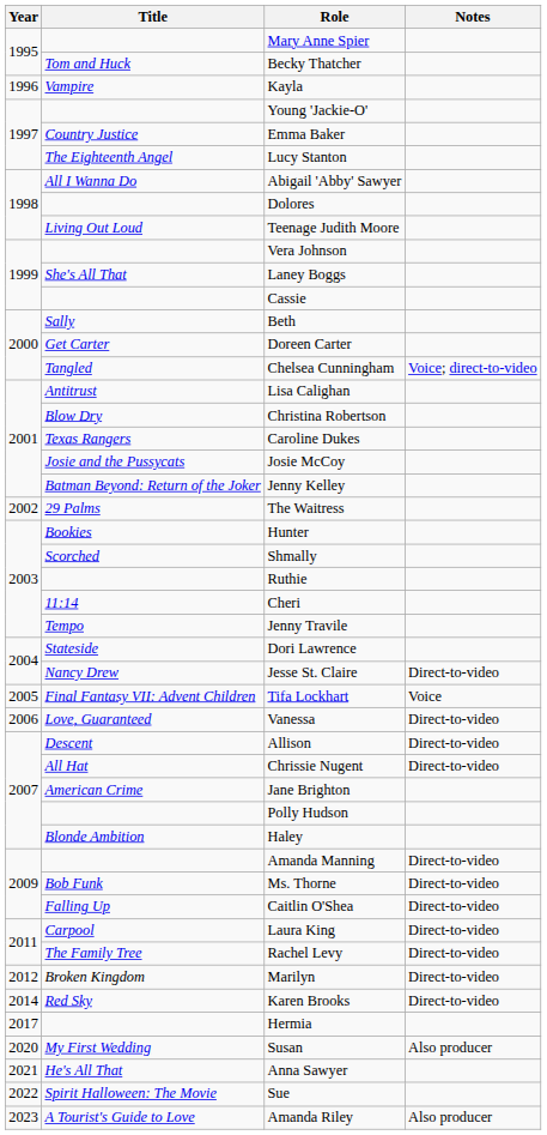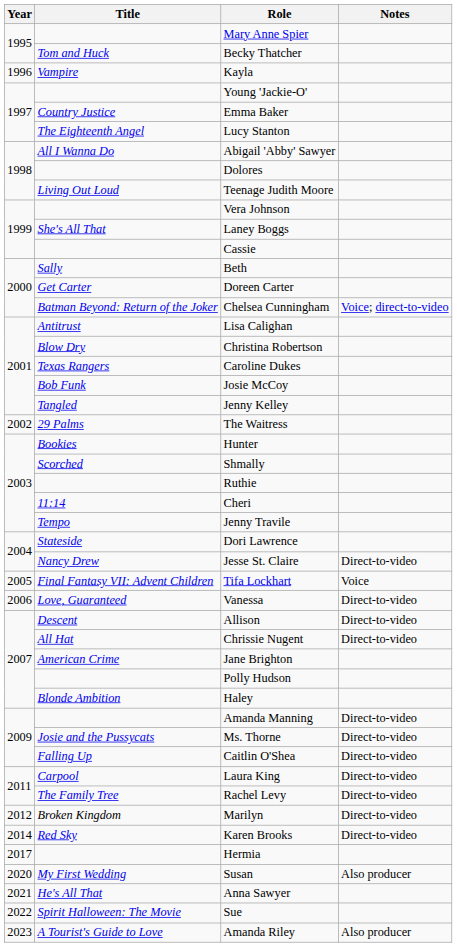 <table class="wikitable sortable">
 <tr>
 <th>Year</th>
 <th>Title</th>
 <th>Role</th>
 <th class="unsortable">Notes</th>
 </tr>
 <tr>
 <td rowspan="2">1995</td>
 <td><em></em></td>
 <td><a href='#'>Mary Anne Spier</a></td>
 <td></td>
 </tr>
 <tr>
 <td><em><a href='#'>Tom and Huck</a></em></td>
 <td>Becky Thatcher</td>
 <td></td>
 </tr>
 <tr>
 <td>1996</td>
 <td><em><a href='#'>Vampire</a></em></td>
 <td>Kayla</td>
 <td></td>
 </tr>
 <tr>
 <td rowspan="3">1997</td>
 <td><em></em></td>
 <td>Young 'Jackie-O'</td>
 <td></td>
 </tr>
 <tr>
 <td><em><a href='#'>Country Justice</a></em></td>
 <td>Emma Baker</td>
 <td></td>
 </tr>
 <tr>
 <td><em><a href='#'>The Eighteenth Angel</a></em></td>
 <td>Lucy Stanton</td>
 <td></td>
 </tr>
 <tr>
 <td rowspan="3">1998</td>
 <td><em><a href='#'>All I Wanna Do</a></em></td>
 <td>Abigail 'Abby' Sawyer</td>
 <td></td>
 </tr>
 <tr>
 <td><em></em></td>
 <td>Dolores</td>
 <td></td>
 </tr>
 <tr>
 <td><em><a href='#'>Living Out Loud</a></em></td>
 <td>Teenage Judith Moore</td>
 <td></td>
 </tr>
 <tr>
 <td rowspan="3">1999</td>
 <td><em></em></td>
 <td>Vera Johnson</td>
 <td></td>
 </tr>
 <tr>
 <td><em><a href='#'>She's All That</a></em></td>
 <td>Laney Boggs</td>
 <td></td>
 </tr>
 <tr>
 <td><em></em></td>
 <td>Cassie</td>
 <td></td>
 </tr>
 <tr>
 <td rowspan="3">2000</td>
 <td><em><a href='#'>Sally</a></em></td>
 <td>Beth</td>
 <td></td>
 </tr>
 <tr>
 <td><em><a href='#'>Get Carter</a></em></td>
 <td>Doreen Carter</td>
 <td></td>
 </tr>
 <tr>
-<td><em><a href='#'>Tangled</a></em></td>
+<td><em><a href='#'>Batman Beyond: Return of the Joker</a></em></td>
 <td>Chelsea Cunningham</td>
 <td><a href='#'>Voice</a>; <a href='#'>direct-to-video</a></td>
 </tr>
 <tr>
 <td rowspan="5">2001</td>
 <td><em><a href='#'>Antitrust</a></em></td>
 <td>Lisa Calighan</td>
 <td></td>
 </tr>
 <tr>
 <td><em><a href='#'>Blow Dry</a></em></td>
 <td>Christina Robertson</td>
 <td></td>
 </tr>
 <tr>
 <td><em><a href='#'>Texas Rangers</a></em></td>
 <td>Caroline Dukes</td>
 <td></td>
 </tr>
 <tr>
-<td><em><a href='#'>Josie and the Pussycats</a></em></td>
+<td><em><a href='#'>Bob Funk</a></em></td>
 <td>Josie McCoy</td>
 <td></td>
 </tr>
 <tr>
-<td><em><a href='#'>Batman Beyond: Return of the Joker</a></em></td>
+<td><em><a href='#'>Tangled</a></em></td>
 <td>Jenny Kelley</td>
 <td></td>
 </tr>
 <tr>
 <td>2002</td>
 <td><em><a href='#'>29 Palms</a></em></td>
 <td>The Waitress</td>
 <td></td>
 </tr>
 <tr>
 <td rowspan="5">2003</td>
 <td><em><a href='#'>Bookies</a></em></td>
 <td>Hunter</td>
 <td></td>
 </tr>
 <tr>
 <td><em><a href='#'>Scorched</a></em></td>
 <td>Shmally</td>
 <td></td>
 </tr>
 <tr>
 <td><em></em></td>
 <td>Ruthie</td>
 <td></td>
 </tr>
 <tr>
 <td><em><a href='#'>11:14</a></em></td>
 <td>Cheri</td>
 <td></td>
 </tr>
 <tr>
 <td><em><a href='#'>Tempo</a></em></td>
 <td>Jenny Travile</td>
 <td></td>
 </tr>
 <tr>
 <td rowspan="2">2004</td>
 <td><em><a href='#'>Stateside</a></em></td>
 <td>Dori Lawrence</td>
 <td></td>
 </tr>
 <tr>
 <td><em><a href='#'>Nancy Drew</a></em></td>
 <td>Jesse St. Claire</td>
 <td>Direct-to-video</td>
 </tr>
 <tr>
 <td>2005</td>
 <td><em><a href='#'>Final Fantasy VII: Advent Children</a></em></td>
 <td><a href='#'>Tifa Lockhart</a></td>
 <td>Voice</td>
 </tr>
 <tr>
 <td>2006</td>
 <td><em><a href='#'>Love, Guaranteed</a></em></td>
 <td>Vanessa</td>
 <td>Direct-to-video</td>
 </tr>
 <tr>
 <td rowspan="5">2007</td>
 <td><em><a href='#'>Descent</a></em></td>
 <td>Allison</td>
 <td>Direct-to-video</td>
 </tr>
 <tr>
 <td><em><a href='#'>All Hat</a></em></td>
 <td>Chrissie Nugent</td>
 <td>Direct-to-video</td>
 </tr>
 <tr>
 <td><em><a href='#'>American Crime</a></em></td>
 <td>Jane Brighton</td>
 <td></td>
 </tr>
 <tr>
 <td><em></em></td>
 <td>Polly Hudson</td>
 <td></td>
 </tr>
 <tr>
 <td><em><a href='#'>Blonde Ambition</a></em></td>
 <td>Haley</td>
 <td></td>
 </tr>
 <tr>
 <td rowspan="3">2009</td>
 <td><em></em></td>
 <td>Amanda Manning</td>
 <td>Direct-to-video</td>
 </tr>
 <tr>
-<td><em><a href='#'>Bob Funk</a></em></td>
+<td><em><a href='#'>Josie and the Pussycats</a></em></td>
 <td>Ms. Thorne</td>
 <td>Direct-to-video</td>
 </tr>
 <tr>
 <td><em><a href='#'>Falling Up</a></em></td>
 <td>Caitlin O'Shea</td>
 <td>Direct-to-video</td>
 </tr>
 <tr>
 <td rowspan="2">2011</td>
 <td><em><a href='#'>Carpool</a></em></td>
 <td>Laura King</td>
 <td>Direct-to-video</td>
 </tr>
 <tr>
 <td><em><a href='#'>The Family Tree</a></em></td>
 <td>Rachel Levy</td>
 <td>Direct-to-video</td>
 </tr>
 <tr>
 <td>2012</td>
 <td><em>Broken Kingdom</em></td>
 <td>Marilyn</td>
 <td>Direct-to-video</td>
 </tr>
 <tr>
 <td>2014</td>
 <td><em><a href='#'>Red Sky</a></em></td>
 <td>Karen Brooks</td>
 <td>Direct-to-video</td>
 </tr>
 <tr>
 <td>2017</td>
 <td><em></em></td>
 <td>Hermia</td>
 <td></td>
 </tr>
 <tr>
 <td>2020</td>
 <td><em><a href='#'>My First Wedding</a></em></td>
 <td>Susan</td>
 <td>Also producer</td>
 </tr>
 <tr>
 <td>2021</td>
 <td><em><a href='#'>He's All That</a></em></td>
 <td>Anna Sawyer</td>
 <td></td>
 </tr>
 <tr>
 <td>2022</td>
 <td><em><a href='#'>Spirit Halloween: The Movie</a></em></td>
 <td>Sue</td>
 <td></td>
 </tr>
 <tr>
 <td>2023</td>
 <td><em><a href='#'>A Tourist's Guide to Love</a></em></td>
 <td>Amanda Riley</td>
 <td>Also producer</td>
 </tr>
 </table>
